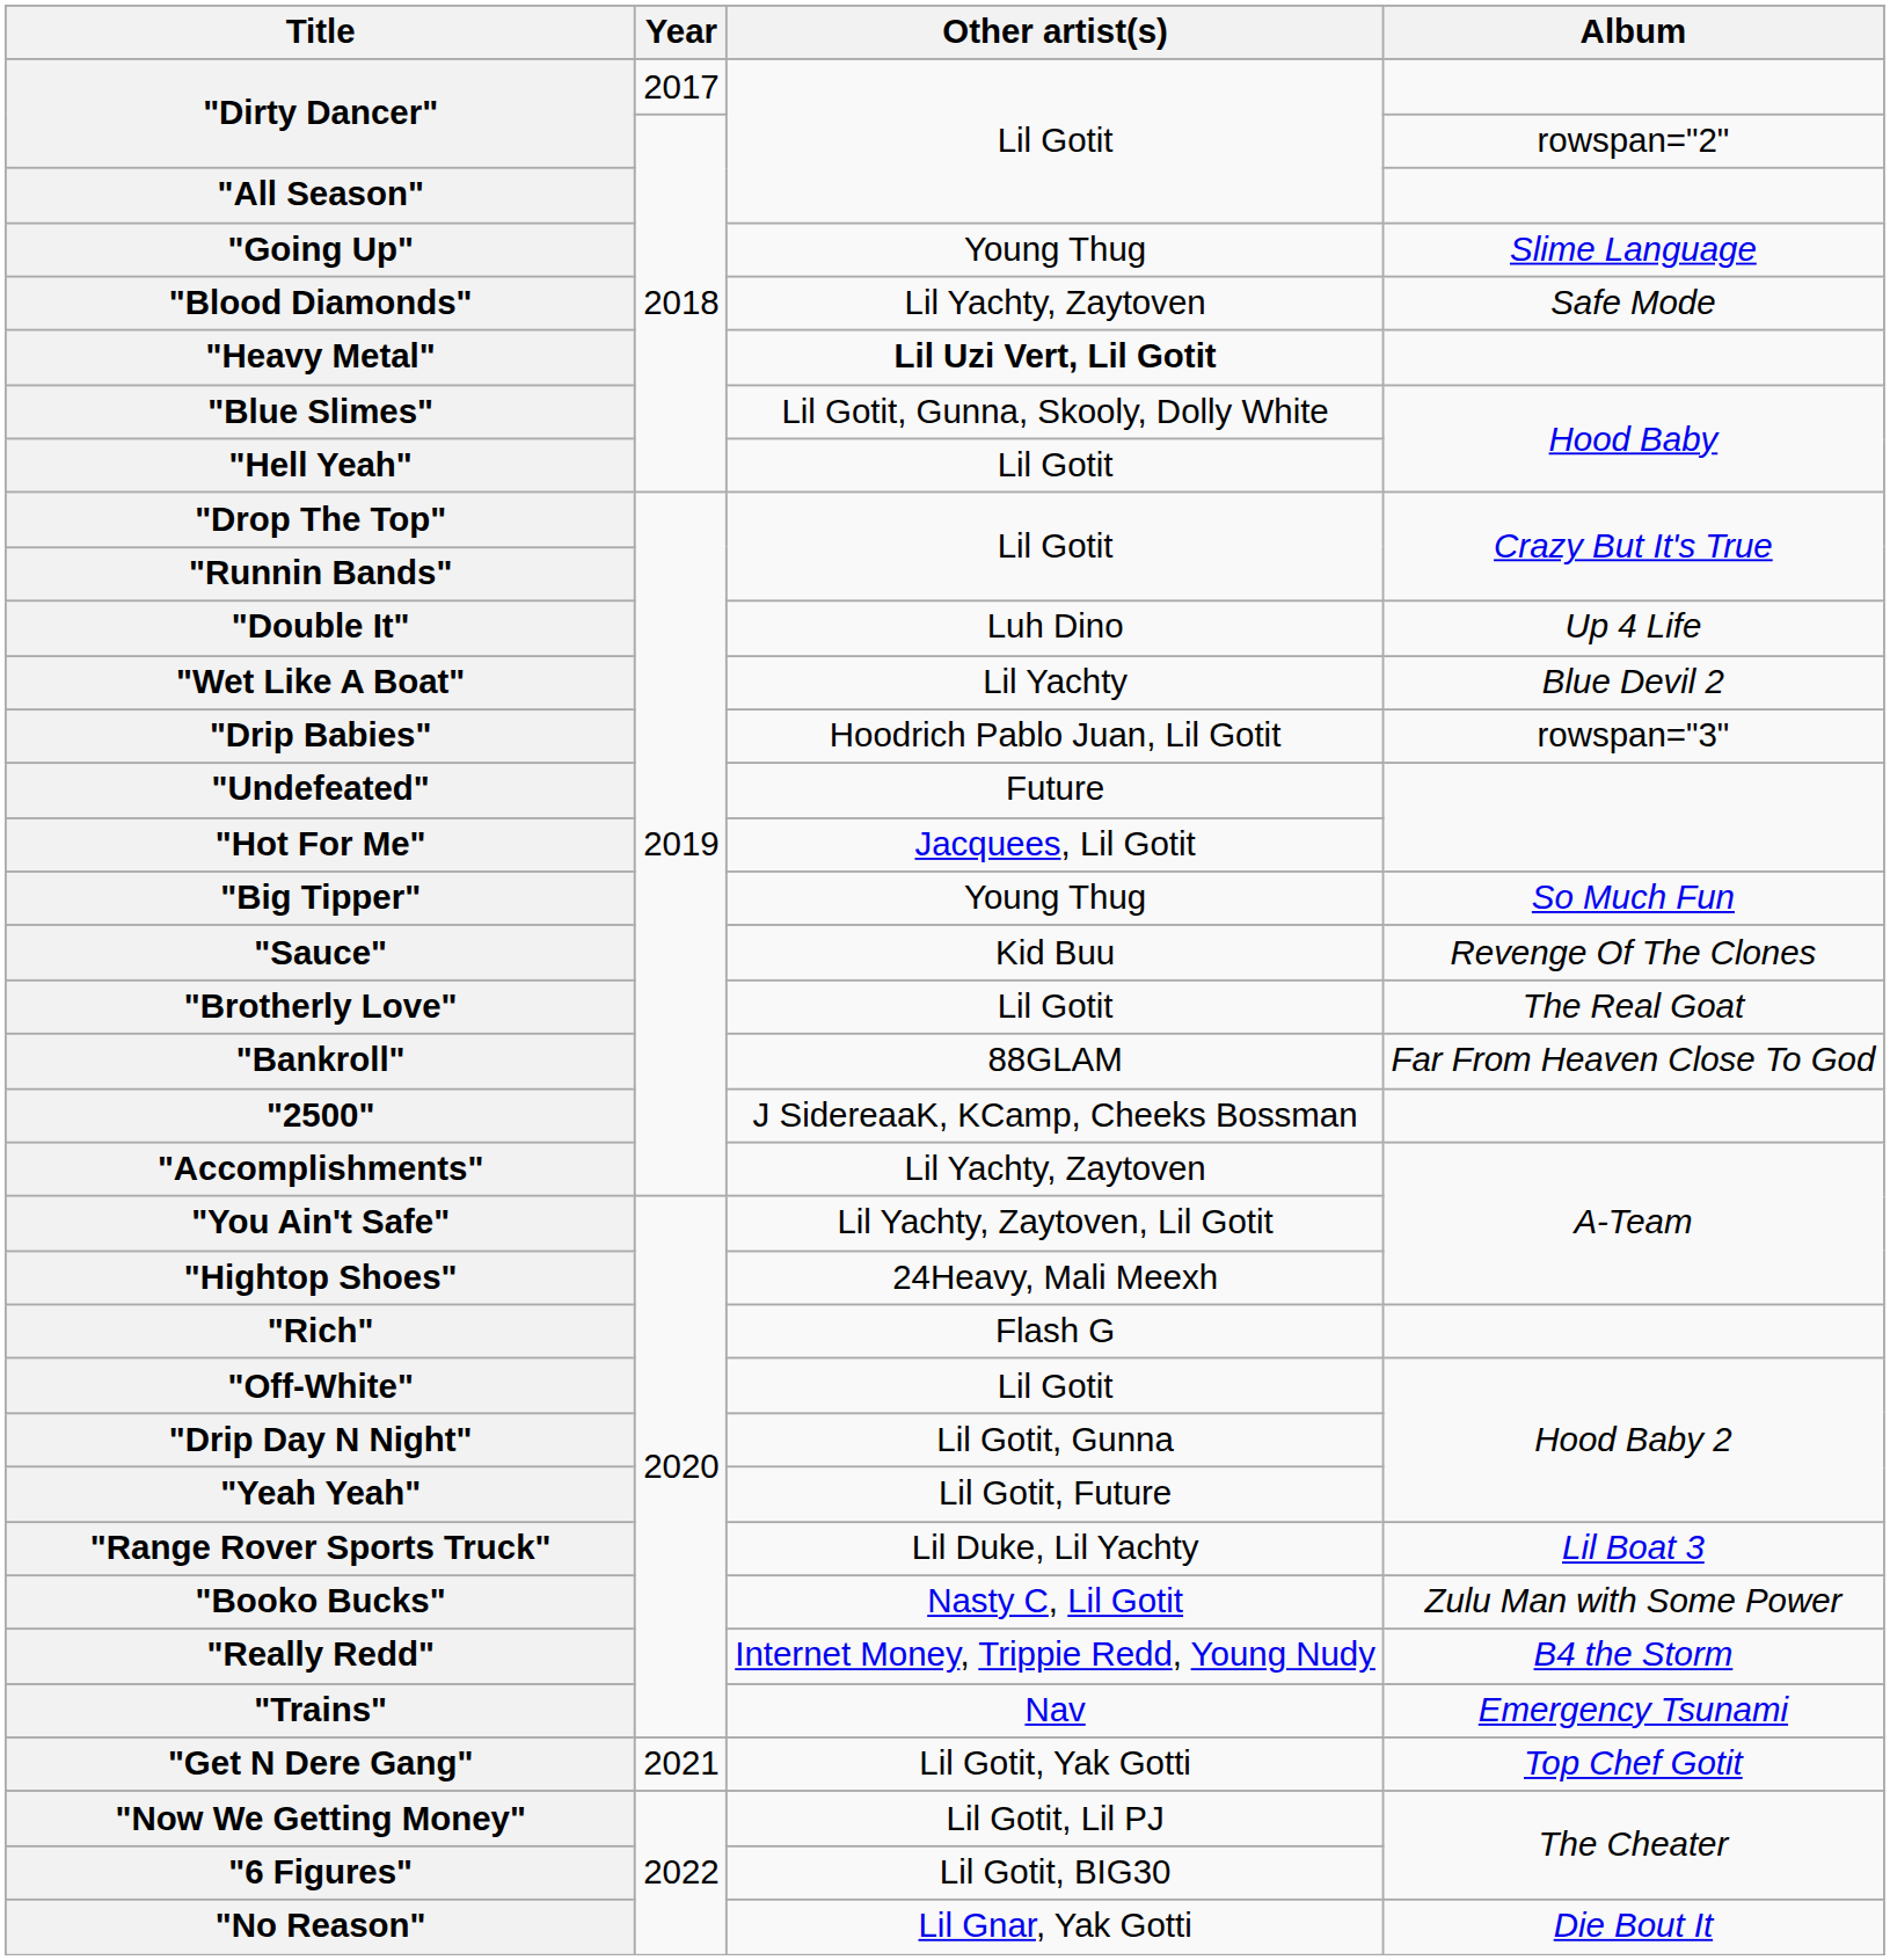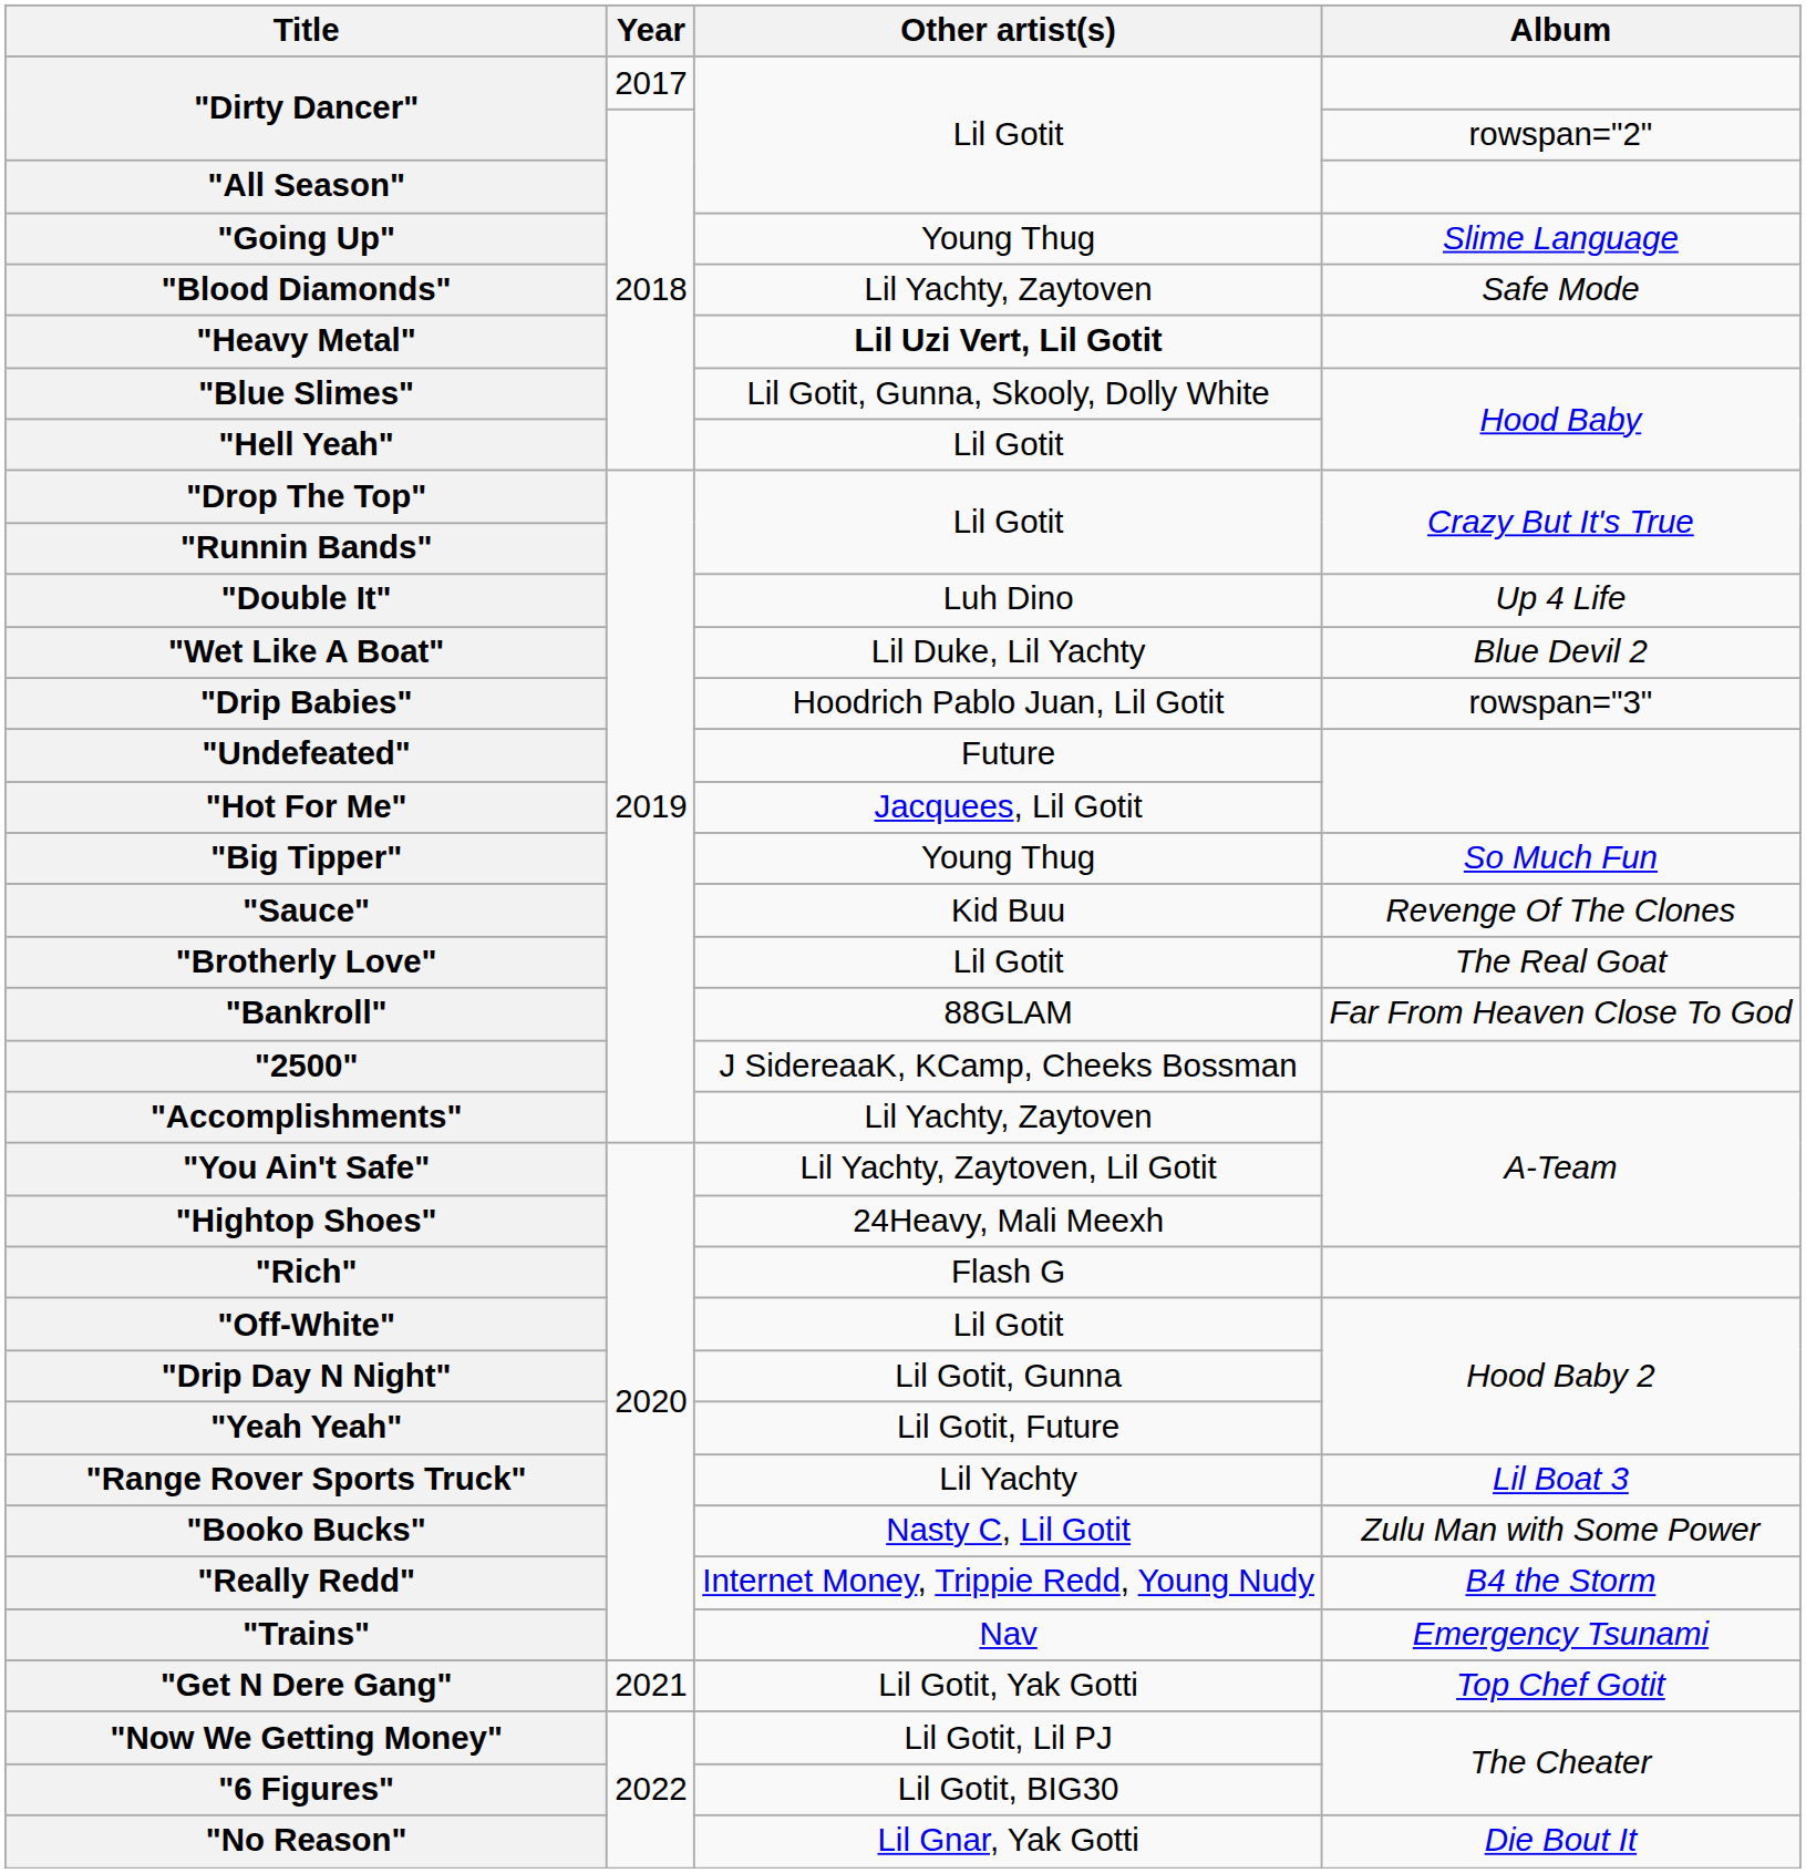 <table class="wikitable plainrowheaders" style="text-align:center;">
 <tr>
 <th scope="col" style="width:18em;">Title</th>
 <th scope="col">Year</th>
 <th scope="col">Other artist(s)</th>
 <th scope="col">Album</th>
 </tr>
 <tr>
 <th rowspan="2" scope="row">"Dirty Dancer"</th>
 <td>2017</td>
 <td rowspan="3">Lil Gotit</td>
 <td></td>
 </tr>
 <tr>
 <td rowspan="7">2018</td>
 <td>rowspan="2" </td>
 </tr>
 <tr>
 <th scope="row">"All Season"</th>
 </tr>
 <tr>
 <th scope="row">"Going Up"</th>
 <td>Young Thug</td>
 <td><em><a href='#'>Slime Language</a></em></td>
 </tr>
 <tr>
 <th scope="row">"Blood Diamonds"</th>
 <td>Lil Yachty, Zaytoven</td>
 <td><em>Safe Mode</em></td>
 </tr>
 <tr>
 <th scope="row">"Heavy Metal"</th>
 <td><strong>Lil Uzi Vert, Lil Gotit</strong></td>
 <td></td>
 </tr>
 <tr>
 <th scope="row">"Blue Slimes"</th>
 <td>Lil Gotit,  Gunna, Skooly, Dolly White</td>
 <td rowspan="2"><em><a href='#'>Hood Baby</a></em></td>
 </tr>
 <tr>
 <th scope="row">"Hell Yeah"</th>
 <td>Lil Gotit</td>
 </tr>
 <tr>
 <th scope="row">"Drop The Top"</th>
 <td rowspan="13">2019</td>
 <td rowspan="2">Lil Gotit</td>
 <td rowspan="2"><em><a href='#'>Crazy But It's True</a></em></td>
 </tr>
 <tr>
 <th scope="row">"Runnin Bands"</th>
 </tr>
 <tr>
 <th scope="row">"Double It"</th>
 <td>Luh Dino</td>
 <td><em>Up 4 Life</em></td>
 </tr>
 <tr>
 <th scope="row">"Wet Like A Boat"</th>
-<td>Lil Yachty</td>
+<td>Lil Duke, Lil Yachty</td>
 <td><em>Blue Devil 2</em></td>
 </tr>
 <tr>
 <th scope="row">"Drip Babies"</th>
 <td>Hoodrich Pablo Juan, Lil Gotit</td>
 <td>rowspan="3" </td>
 </tr>
 <tr>
 <th scope="row">"Undefeated"</th>
 <td>Future</td>
 </tr>
 <tr>
 <th scope="row">"Hot For Me"</th>
 <td><a href='#'>Jacquees</a>, Lil Gotit</td>
 </tr>
 <tr>
 <th scope="row">"Big Tipper"</th>
 <td>Young Thug</td>
 <td><em><a href='#'>So Much Fun</a></em></td>
 </tr>
 <tr>
 <th scope="row">"Sauce"</th>
 <td>Kid Buu</td>
 <td><em>Revenge Of The Clones</em></td>
 </tr>
 <tr>
 <th scope="row">"Brotherly Love"</th>
 <td>Lil Gotit</td>
 <td><em>The Real Goat</em></td>
 </tr>
 <tr>
 <th scope="row">"Bankroll"</th>
 <td>88GLAM</td>
 <td><em>Far From Heaven Close To God</em></td>
 </tr>
 <tr>
 <th scope="row">"2500"</th>
 <td>J SidereaaK, KCamp, Cheeks Bossman</td>
 <td></td>
 </tr>
 <tr>
 <th scope="row">"Accomplishments"</th>
 <td>Lil Yachty, Zaytoven</td>
 <td rowspan="3"><em>A-Team</em></td>
 </tr>
 <tr>
 <th scope="row">"You Ain't Safe"</th>
 <td rowspan="10">2020</td>
 <td>Lil Yachty, Zaytoven, Lil Gotit</td>
 </tr>
 <tr>
 <th scope="row">"Hightop Shoes"</th>
 <td>24Heavy, Mali Meexh</td>
 </tr>
 <tr>
 <th scope="row">"Rich"</th>
 <td>Flash G</td>
 <td></td>
 </tr>
 <tr>
 <th scope="row">"Off-White"</th>
 <td>Lil Gotit</td>
 <td rowspan="3"><em>Hood Baby 2</em></td>
 </tr>
 <tr>
 <th scope="row">"Drip Day N Night"</th>
 <td>Lil Gotit, Gunna</td>
 </tr>
 <tr>
 <th scope="row">"Yeah Yeah"</th>
 <td>Lil Gotit, Future</td>
 </tr>
 <tr>
 <th scope="row">"Range Rover Sports Truck"</th>
-<td>Lil Duke, Lil Yachty</td>
+<td>Lil Yachty</td>
 <td><em><a href='#'>Lil Boat 3</a></em></td>
 </tr>
 <tr>
 <th scope="row">"Booko Bucks" </th>
 <td><a href='#'>Nasty C</a>, <a href='#'>Lil Gotit</a></td>
 <td><em>Zulu Man with Some Power</em></td>
 </tr>
 <tr>
 <th scope="row">"Really Redd"</th>
 <td><a href='#'>Internet Money</a>, <a href='#'>Trippie Redd</a>, <a href='#'>Young Nudy</a></td>
 <td><em><a href='#'>B4 the Storm</a></em></td>
 </tr>
 <tr>
 <th scope="row">"Trains" </th>
 <td><a href='#'>Nav</a></td>
 <td><em><a href='#'>Emergency Tsunami</a></em></td>
 </tr>
 <tr>
 <th scope="row">"Get N Dere Gang" </th>
 <td>2021</td>
 <td>Lil Gotit, Yak Gotti</td>
 <td><em><a href='#'>Top Chef Gotit</a></em></td>
 </tr>
 <tr>
 <th scope="row">"Now We Getting Money"</th>
 <td rowspan="3">2022</td>
 <td>Lil Gotit, Lil PJ</td>
 <td rowspan="2"><em>The Cheater</em></td>
 </tr>
 <tr>
 <th scope="row">"6 Figures"</th>
 <td>Lil Gotit, BIG30</td>
 </tr>
 <tr>
 <th scope="row">"No Reason"</th>
 <td><a href='#'>Lil Gnar</a>, Yak Gotti</td>
 <td><em><a href='#'>Die Bout It</a></em></td>
 </tr>
 </table>
